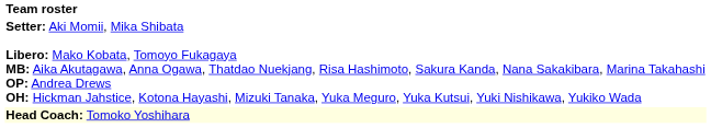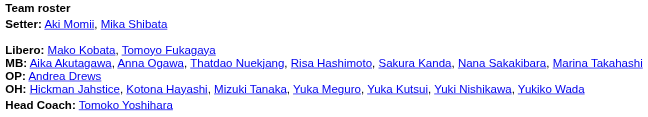 <table style="text-align: left; margin-top: 2em; margin-left: auto; margin-right: auto">
 <tr>
 <td><strong>Team roster</strong></td>
 </tr>
 <tr>
 <td><strong>Setter:</strong> <a href='#'>Aki Momii</a>, <a href='#'>Mika Shibata</a><br><br><strong>Libero:</strong> <a href='#'>Mako Kobata</a>, <a href='#'>Tomoyo Fukagaya</a><br> <strong>MB:</strong> <a href='#'>Aika Akutagawa</a>, <a href='#'>Anna Ogawa</a>, <a href='#'>Thatdao Nuekjang</a>, <a href='#'>Risa Hashimoto</a>, <a href='#'>Sakura Kanda</a>, <a href='#'>Nana Sakakibara</a>, <a href='#'>Marina Takahashi</a><br> <strong>OP:</strong> <a href='#'>Andrea Drews</a><br> <strong>OH:</strong> <a href='#'>Hickman Jahstice</a>, <a href='#'>Kotona Hayashi</a>, <a href='#'>Mizuki Tanaka</a>, <a href='#'>Yuka Meguro</a>, <a href='#'>Yuka Kutsui</a>, <a href='#'>Yuki Nishikawa</a>, <a href='#'>Yukiko Wada</a></td>
 </tr>
 <tr>
-<td style="background: lightyellow;"><strong>Head Coach:</strong> <a href='#'>Tomoko Yoshihara</a></td>
+<td><strong>Head Coach:</strong> <a href='#'>Tomoko Yoshihara</a></td>
 </tr>
 <tr>
 <td></td>
 </tr>
 </table>
